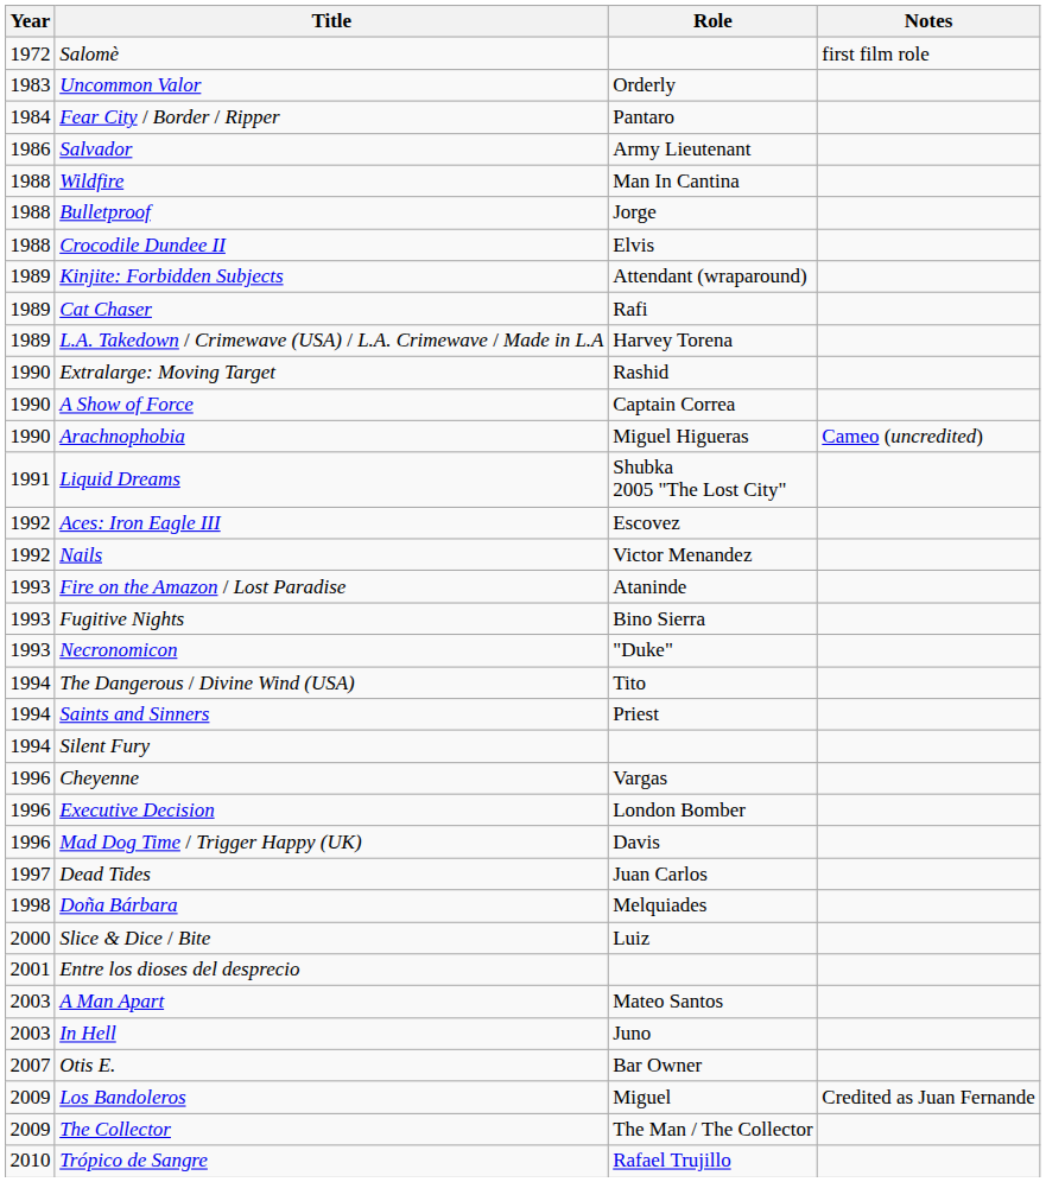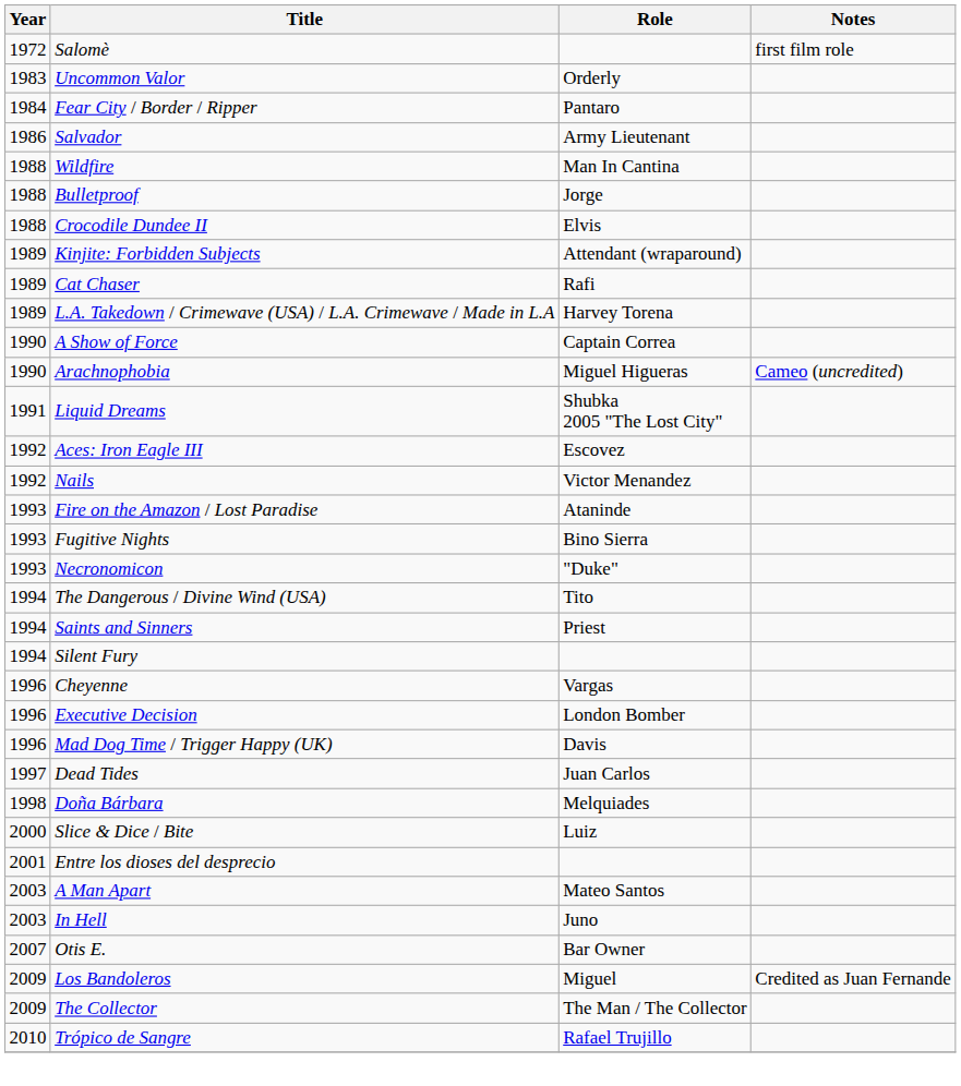 <table class="wikitable sortable">
 <tr>
 <th>Year</th>
 <th>Title</th>
 <th>Role</th>
 <th>Notes</th>
 </tr>
 <tr>
 <td>1972</td>
 <td><em>Salomè</em></td>
 <td></td>
 <td>first film role</td>
 </tr>
 <tr>
 <td>1983</td>
 <td><em><a href='#'>Uncommon Valor</a></em></td>
 <td>Orderly</td>
 <td></td>
 </tr>
 <tr>
 <td>1984</td>
 <td><em><a href='#'>Fear City</a></em> / <em>Border</em> / <em>Ripper</em></td>
 <td>Pantaro</td>
 <td></td>
 </tr>
 <tr>
 <td>1986</td>
 <td><em><a href='#'>Salvador</a></em></td>
 <td>Army Lieutenant</td>
 <td></td>
 </tr>
 <tr>
 <td>1988</td>
 <td><em><a href='#'>Wildfire</a></em></td>
 <td>Man In Cantina</td>
 <td></td>
 </tr>
 <tr>
 <td>1988</td>
 <td><em><a href='#'>Bulletproof</a></em></td>
 <td>Jorge</td>
 <td></td>
 </tr>
 <tr>
 <td>1988</td>
 <td><em><a href='#'>Crocodile Dundee II</a></em></td>
 <td>Elvis</td>
 <td></td>
 </tr>
 <tr>
 <td>1989</td>
 <td><em><a href='#'>Kinjite: Forbidden Subjects</a></em></td>
 <td>Attendant (wraparound)</td>
 <td></td>
 </tr>
 <tr>
 <td>1989</td>
 <td><em><a href='#'>Cat Chaser</a></em></td>
 <td>Rafi</td>
 <td></td>
 </tr>
 <tr>
 <td>1989</td>
 <td><em><a href='#'>L.A. Takedown</a></em> / <em>Crimewave (USA)</em> / <em>L.A. Crimewave</em> / <em>Made in L.A</em></td>
 <td>Harvey Torena</td>
-<td></td>
-</tr>
-<tr>
-<td>1990</td>
-<td><em>Extralarge: Moving Target</em></td>
-<td>Rashid</td>
 <td></td>
 </tr>
 <tr>
 <td>1990</td>
 <td><em><a href='#'>A Show of Force</a></em></td>
 <td>Captain Correa</td>
 <td></td>
 </tr>
 <tr>
 <td>1990</td>
 <td><em><a href='#'>Arachnophobia</a></em></td>
 <td>Miguel Higueras</td>
 <td><a href='#'>Cameo</a> (<em>uncredited</em>)</td>
 </tr>
 <tr>
 <td>1991</td>
 <td><em><a href='#'>Liquid Dreams</a></em></td>
 <td>Shubka<br>2005 "The Lost City"</td>
 <td></td>
 </tr>
 <tr>
 <td>1992</td>
 <td><em><a href='#'>Aces: Iron Eagle III</a></em></td>
 <td>Escovez</td>
 <td></td>
 </tr>
 <tr>
 <td>1992</td>
 <td><em><a href='#'>Nails</a></em></td>
 <td>Victor Menandez</td>
 <td></td>
 </tr>
 <tr>
 <td>1993</td>
 <td><em><a href='#'>Fire on the Amazon</a></em> / <em>Lost Paradise</em></td>
 <td>Ataninde</td>
 <td></td>
 </tr>
 <tr>
 <td>1993</td>
 <td><em>Fugitive Nights</em></td>
 <td>Bino Sierra</td>
 <td></td>
 </tr>
 <tr>
 <td>1993</td>
 <td><em><a href='#'>Necronomicon</a></em></td>
 <td>"Duke"</td>
 <td></td>
 </tr>
 <tr>
 <td>1994</td>
 <td><em>The Dangerous</em> / <em>Divine Wind (USA)</em></td>
 <td>Tito</td>
 <td></td>
 </tr>
 <tr>
 <td>1994</td>
 <td><em><a href='#'>Saints and Sinners</a></em></td>
 <td>Priest</td>
 <td></td>
 </tr>
 <tr>
 <td>1994</td>
 <td><em>Silent Fury</em></td>
 <td></td>
 <td></td>
 </tr>
 <tr>
 <td>1996</td>
 <td><em>Cheyenne</em></td>
 <td>Vargas</td>
 <td></td>
 </tr>
 <tr>
 <td>1996</td>
 <td><em><a href='#'>Executive Decision</a></em></td>
 <td>London Bomber</td>
 <td></td>
 </tr>
 <tr>
 <td>1996</td>
 <td><em><a href='#'>Mad Dog Time</a></em> / <em>Trigger Happy (UK)</em></td>
 <td>Davis</td>
 <td></td>
 </tr>
 <tr>
 <td>1997</td>
 <td><em>Dead Tides</em></td>
 <td>Juan Carlos</td>
 <td></td>
 </tr>
 <tr>
 <td>1998</td>
 <td><em><a href='#'>Doña Bárbara</a></em></td>
 <td>Melquiades</td>
 <td></td>
 </tr>
 <tr>
 <td>2000</td>
 <td><em>Slice & Dice</em> / <em>Bite</em></td>
 <td>Luiz</td>
 <td></td>
 </tr>
 <tr>
 <td>2001</td>
 <td><em>Entre los dioses del desprecio</em></td>
 <td></td>
 <td></td>
 </tr>
 <tr>
 <td>2003</td>
 <td><em><a href='#'>A Man Apart</a></em></td>
 <td>Mateo Santos</td>
 <td></td>
 </tr>
 <tr>
 <td>2003</td>
 <td><em><a href='#'>In Hell</a></em></td>
 <td>Juno</td>
 <td></td>
 </tr>
 <tr>
 <td>2007</td>
 <td><em>Otis E.</em></td>
 <td>Bar Owner</td>
 <td></td>
 </tr>
 <tr>
 <td>2009</td>
 <td><em><a href='#'>Los Bandoleros</a></em></td>
 <td>Miguel</td>
 <td>Credited as Juan Fernande</td>
 </tr>
 <tr>
 <td>2009</td>
 <td><em><a href='#'>The Collector</a></em></td>
 <td>The Man / The Collector</td>
 <td></td>
 </tr>
 <tr>
 <td>2010</td>
 <td><em><a href='#'>Trópico de Sangre</a></em></td>
 <td><a href='#'>Rafael Trujillo</a></td>
 <td></td>
 </tr>
 <tr>
 </tr>
 </table>
